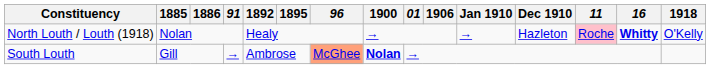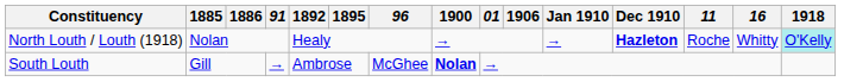 <table class="wikitable">
 <tr>
 <th>Constituency</th>
 <th>1885</th>
 <th>1886</th>
 <th><em>91</em></th>
 <th>1892</th>
 <th>1895</th>
 <th><em>96</em></th>
 <th>1900</th>
 <th><em>01</em></th>
 <th>1906</th>
 <th>Jan 1910</th>
 <th>Dec 1910</th>
 <th><em>11</em></th>
 <th><em>16</em></th>
 <th>1918</th>
 </tr>
 <tr>
 <td><a href='#'>North Louth</a> / <a href='#'>Louth</a> (1918)</td>
 <td colspan="3"><a href='#'>Nolan</a></td>
 <td colspan="3"><a href='#'>Healy</a></td>
 <td colspan="3"><a href='#'>→</a></td>
 <td><a href='#'>→</a></td>
-<td><a href='#'>Hazleton</a></td>
-<td style="background: pink;"><a href='#'>Roche</a></td>
-<td><strong><a href='#'>Whitty</a></strong></td>
-<td><a href='#'>O'Kelly</a></td>
+<td><strong><a href='#'>Hazleton</a></strong></td>
+<td><a href='#'>Roche</a></td>
+<td><a href='#'>Whitty</a></td>
+<td style="background: paleturquoise;"><a href='#'>O'Kelly</a></td>
 </tr>
 <tr>
 <td><a href='#'>South Louth</a></td>
 <td colspan="2"><a href='#'>Gill</a></td>
 <td><a href='#'>→</a></td>
 <td colspan="2"><a href='#'>Ambrose</a></td>
-<td style="background: lightsalmon;"><a href='#'>McGhee</a></td>
+<td><a href='#'>McGhee</a></td>
 <td><strong><a href='#'>Nolan</a></strong></td>
 <td colspan="6"><a href='#'>→</a></td>
 <td></td>
 </tr>
 </table>
